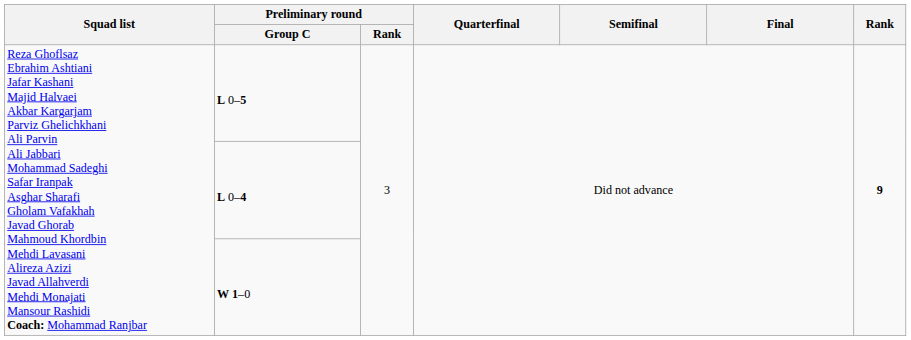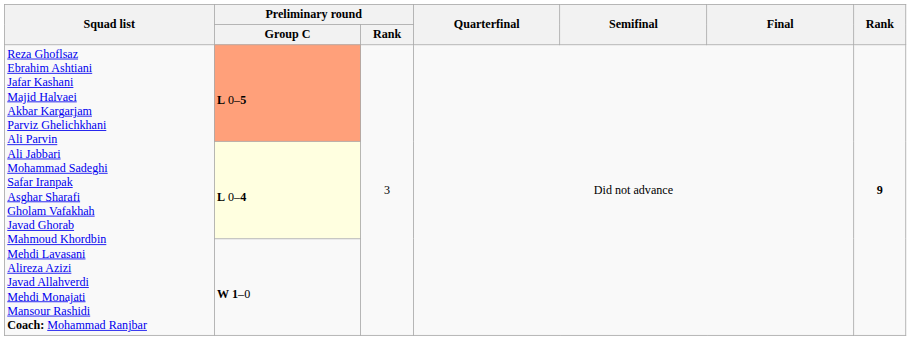 <table class="wikitable" width="85%" style="text-align:left; font-size:90%">
 <tr>
 <th rowspan="2" width="20%">Squad list</th>
 <th colspan="2">Preliminary round</th>
 <th rowspan="2" width="14%">Quarterfinal</th>
 <th rowspan="2" width="14%">Semifinal</th>
 <th rowspan="2" width="14%">Final</th>
 <th rowspan="2" width="5%">Rank</th>
 </tr>
 <tr>
 <th width="14%">Group C</th>
 <th width="5%">Rank</th>
 </tr>
 <tr>
 <td rowspan="3"><a href='#'>Reza Ghoflsaz</a><br><a href='#'>Ebrahim Ashtiani</a><br><a href='#'>Jafar Kashani</a><br><a href='#'>Majid Halvaei</a><br><a href='#'>Akbar Kargarjam</a><br><a href='#'>Parviz Ghelichkhani</a><br><a href='#'>Ali Parvin</a><br><a href='#'>Ali Jabbari</a><br><a href='#'>Mohammad Sadeghi</a><br><a href='#'>Safar Iranpak</a><br><a href='#'>Asghar Sharafi</a><br><a href='#'>Gholam Vafakhah</a><br><a href='#'>Javad Ghorab</a><br><a href='#'>Mahmoud Khordbin</a><br><a href='#'>Mehdi Lavasani</a><br><a href='#'>Alireza Azizi</a><br><a href='#'>Javad Allahverdi</a><br><a href='#'>Mehdi Monajati</a><br><a href='#'>Mansour Rashidi</a><br> <strong>Coach:</strong> <a href='#'>Mohammad Ranjbar</a></td>
-<td><br><strong>L</strong> 0–<strong>5</strong></td>
+<td style="background: lightsalmon;"><br><strong>L</strong> 0–<strong>5</strong></td>
 <td rowspan="3" align=center>3</td>
 <td colspan=3 rowspan="3" align=center>Did not advance</td>
 <td rowspan="3" align="center"><strong>9</strong></td>
 </tr>
 <tr>
-<td><br><strong>L</strong> 0–<strong>4</strong></td>
+<td style="background: lightyellow;"><br><strong>L</strong> 0–<strong>4</strong></td>
 </tr>
 <tr>
 <td><br><strong>W</strong> <strong>1</strong>–0</td>
 </tr>
 </table>
